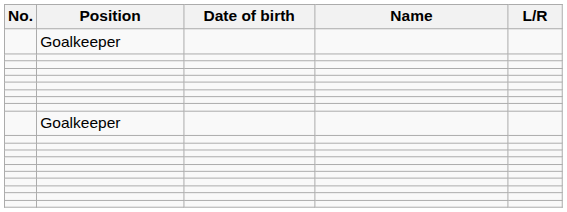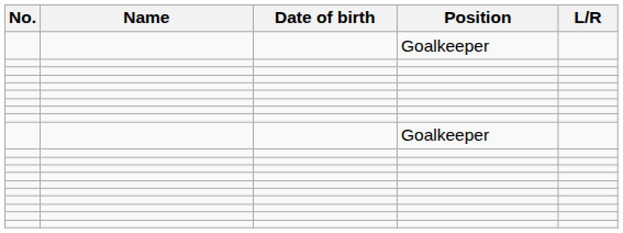 <table class="wikitable sortable" style=font-size:100%; text-align:center;>
 <tr>
 <th>No.</th>
+<th style=width:12em>Name</th>
+<th style=width:8em>Date of birth</th>
 <th style=width:9em>Position</th>
-<th style=width:8em>Date of birth</th>
-<th style=width:12em>Name</th>
 <th style=width:3em>L/R</th>
 </tr>
 <tr>
 <td></td>
+<td align=left></td>
+<td align=right></td>
 <td>Goalkeeper</td>
-<td align=right></td>
-<td align=left></td>
 <td></td>
 </tr>
 <tr>
 <td></td>
+<td align=left></td>
+<td align=right></td>
 <td></td>
-<td align=right></td>
-<td align=left></td>
 <td></td>
 </tr>
 <tr>
 <td></td>
+<td align=left></td>
+<td align=right></td>
 <td></td>
-<td align=right></td>
-<td align=left></td>
 <td></td>
 </tr>
 <tr>
 <td></td>
+<td align=left></td>
+<td align=right></td>
 <td></td>
-<td align=right></td>
-<td align=left></td>
 <td></td>
 </tr>
 <tr>
 <td></td>
+<td align=left></td>
+<td align=right></td>
 <td></td>
-<td align=right></td>
-<td align=left></td>
 <td></td>
 </tr>
 <tr>
 <td></td>
+<td align=left></td>
+<td align=right></td>
 <td></td>
-<td align=right></td>
-<td align=left></td>
 <td></td>
 </tr>
 <tr>
 <td></td>
+<td align=left></td>
+<td align=right></td>
 <td></td>
-<td align=right></td>
-<td align=left></td>
 <td></td>
 </tr>
 <tr>
 <td></td>
+<td align=left></td>
+<td align=right></td>
 <td></td>
-<td align=right></td>
-<td align=left></td>
 <td></td>
 </tr>
 <tr>
 <td></td>
+<td align=left></td>
+<td align=right></td>
 <td></td>
-<td align=right></td>
-<td align=left></td>
 <td></td>
 </tr>
 <tr>
 <td></td>
+<td align=left></td>
+<td align=right></td>
 <td>Goalkeeper</td>
-<td align=right></td>
-<td align=left></td>
 <td></td>
 </tr>
 <tr>
 <td></td>
+<td align=left></td>
+<td align=right></td>
 <td></td>
-<td align=right></td>
-<td align=left></td>
 <td></td>
 </tr>
 <tr>
 <td></td>
+<td align=left></td>
+<td align=right></td>
 <td></td>
-<td align=right></td>
-<td align=left></td>
 <td></td>
 </tr>
 <tr>
 <td></td>
+<td align=left></td>
+<td align=right></td>
 <td></td>
-<td align=right></td>
-<td align=left></td>
 <td></td>
 </tr>
 <tr>
 <td></td>
+<td align=left></td>
+<td align=right></td>
 <td></td>
-<td align=right></td>
-<td align=left></td>
 <td></td>
 </tr>
 <tr>
 <td></td>
+<td align=left></td>
+<td align=right></td>
 <td></td>
-<td align=right></td>
-<td align=left></td>
 <td></td>
 </tr>
 <tr>
 <td></td>
+<td align=left></td>
+<td align=right></td>
 <td></td>
-<td align=right></td>
-<td align=left></td>
 <td></td>
 </tr>
 <tr>
 <td></td>
+<td align=left></td>
+<td align=right></td>
 <td></td>
-<td align=right></td>
-<td align=left></td>
 <td></td>
 </tr>
 <tr>
 <td></td>
+<td align=left></td>
+<td align=right></td>
 <td></td>
-<td align=right></td>
-<td align=left></td>
 <td></td>
 </tr>
 <tr>
 <td></td>
+<td align=left></td>
+<td align=right></td>
 <td></td>
-<td align=right></td>
-<td align=left></td>
 <td></td>
 </tr>
 <tr>
 <td></td>
+<td align=left></td>
+<td align=right></td>
 <td></td>
-<td align=right></td>
-<td align=left></td>
 <td></td>
 </tr>
 </table>
